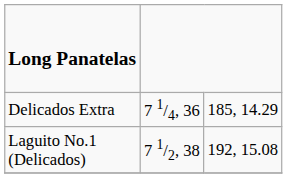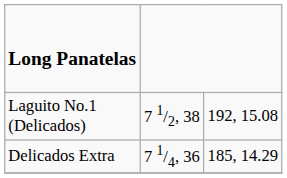 <table class="wikitable" style="font-size: 85%; margin:1em auto;">
 <tr>
 <td><br><h3>Long Panatelas</h3></td>
+</tr>
+<tr>
+<td>Laguito No.1<br>(Delicados)</td>
+<td>7 <sup>1</sup>/<sub>2</sub>, 38</td>
+<td>192, 15.08</td>
 </tr>
 <tr>
 <td>Delicados Extra</td>
 <td>7 <sup>1</sup>/<sub>4</sub>, 36</td>
 <td>185, 14.29</td>
 </tr>
 <tr>
-<td>Laguito No.1<br>(Delicados)</td>
-<td>7 <sup>1</sup>/<sub>2</sub>, 38</td>
-<td>192, 15.08</td>
-</tr>
-<tr>
 </tr>
 </table>
